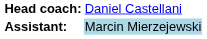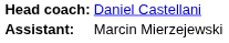 <table>
 <tr>
 <td><strong>Head coach:</strong></td>
 <td> <a href='#'>Daniel Castellani</a></td>
 </tr>
 <tr>
 <td><strong>Assistant:</strong></td>
-<td style="background: lightblue;"> Marcin Mierzejewski</td>
+<td> Marcin Mierzejewski</td>
 </tr>
 </table>
